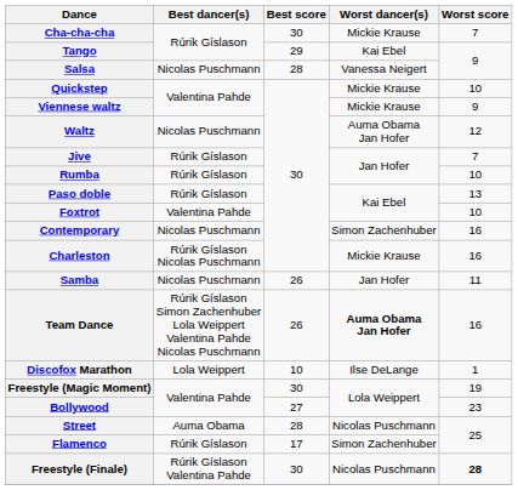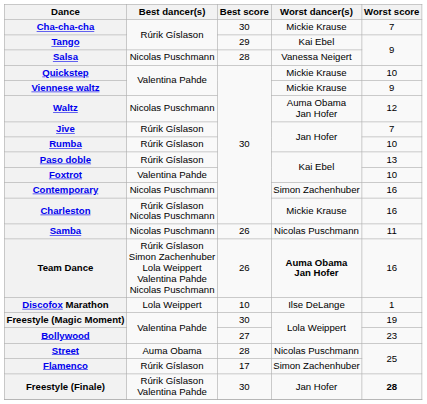 <table class="wikitable sortable" style="text-align:center;">
 <tr>
 <th>Dance</th>
 <th>Best dancer(s)</th>
 <th>Best score</th>
 <th>Worst dancer(s)</th>
 <th>Worst score</th>
 </tr>
 <tr>
 <th><a href='#'>Cha-cha-cha</a></th>
 <td rowspan="2">Rúrik Gíslason</td>
 <td>30</td>
 <td>Mickie Krause</td>
 <td>7</td>
 </tr>
 <tr>
 <th><a href='#'>Tango</a></th>
 <td>29</td>
 <td>Kai Ebel</td>
 <td rowspan="2">9</td>
 </tr>
 <tr>
 <th><a href='#'>Salsa</a></th>
 <td>Nicolas Puschmann</td>
 <td>28</td>
 <td>Vanessa Neigert</td>
 </tr>
 <tr>
 <th><a href='#'>Quickstep</a></th>
 <td rowspan="2">Valentina Pahde</td>
 <td rowspan="9">30</td>
 <td>Mickie Krause</td>
 <td>10</td>
 </tr>
 <tr>
 <th><a href='#'>Viennese waltz</a></th>
 <td>Mickie Krause</td>
 <td>9</td>
 </tr>
 <tr>
 <th><a href='#'>Waltz</a></th>
 <td>Nicolas Puschmann</td>
 <td>Auma Obama<br>Jan Hofer</td>
 <td>12</td>
 </tr>
 <tr>
 <th><a href='#'>Jive</a></th>
 <td>Rúrik Gíslason</td>
 <td rowspan="2">Jan Hofer</td>
 <td>7</td>
 </tr>
 <tr>
 <th><a href='#'>Rumba</a></th>
 <td>Rúrik Gíslason</td>
 <td>10</td>
 </tr>
 <tr>
 <th><a href='#'>Paso doble</a></th>
 <td>Rúrik Gíslason</td>
 <td rowspan="2">Kai Ebel</td>
 <td>13</td>
 </tr>
 <tr>
 <th><a href='#'>Foxtrot</a></th>
 <td>Valentina Pahde</td>
 <td>10</td>
 </tr>
 <tr>
 <th><a href='#'>Contemporary</a></th>
 <td>Nicolas Puschmann</td>
 <td>Simon Zachenhuber</td>
 <td>16</td>
 </tr>
 <tr>
 <th><a href='#'>Charleston</a></th>
 <td>Rúrik Gíslason<br>Nicolas Puschmann</td>
 <td>Mickie Krause</td>
 <td>16</td>
 </tr>
 <tr>
 <th><a href='#'>Samba</a></th>
 <td>Nicolas Puschmann</td>
 <td>26</td>
-<td>Jan Hofer</td>
+<td>Nicolas Puschmann</td>
 <td>11</td>
 </tr>
 <tr>
 <th>Team Dance</th>
 <td>Rúrik Gíslason<br>Simon Zachenhuber<br>Lola Weippert<br>Valentina Pahde<br>Nicolas Puschmann</td>
 <td>26</td>
 <td><strong>Auma Obama<br>Jan Hofer</strong></td>
 <td>16</td>
 </tr>
 <tr>
 <th><a href='#'>Discofox</a> Marathon</th>
 <td>Lola Weippert</td>
 <td>10</td>
 <td>Ilse DeLange</td>
 <td>1</td>
 </tr>
 <tr>
 <th>Freestyle (Magic Moment)</th>
 <td rowspan="2">Valentina Pahde</td>
 <td>30</td>
 <td rowspan="2">Lola Weippert</td>
 <td>19</td>
 </tr>
 <tr>
 <th><a href='#'>Bollywood</a></th>
 <td>27</td>
 <td>23</td>
 </tr>
 <tr>
 <th><a href='#'>Street</a></th>
 <td>Auma Obama</td>
 <td>28</td>
 <td>Nicolas Puschmann</td>
 <td rowspan="2">25</td>
 </tr>
 <tr>
 <th><a href='#'>Flamenco</a></th>
 <td>Rúrik Gíslason</td>
 <td>17</td>
 <td>Simon Zachenhuber</td>
 </tr>
 <tr>
 <th>Freestyle (Finale)</th>
 <td>Rúrik Gíslason<br>Valentina Pahde</td>
 <td>30</td>
-<td>Nicolas Puschmann</td>
+<td>Jan Hofer</td>
 <td><strong>28</strong></td>
 </tr>
 <tr>
 </tr>
 </table>
